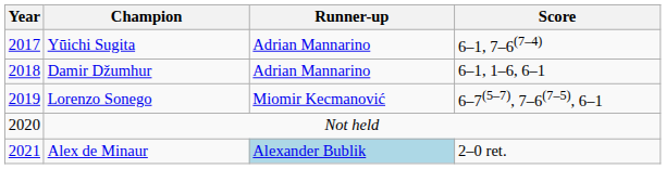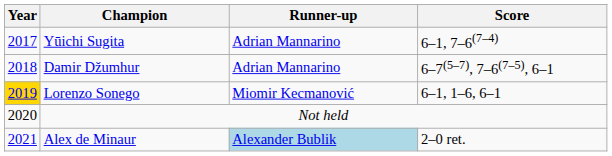 <table class="wikitable">
 <tr>
 <th>Year</th>
 <th width="200">Champion</th>
 <th width="200">Runner-up</th>
 <th width="200">Score</th>
 </tr>
 <tr>
 <td><a href='#'>2017</a></td>
 <td> <a href='#'>Yūichi Sugita</a></td>
 <td> <a href='#'>Adrian Mannarino</a></td>
 <td>6–1, 7–6<sup>(7–4)</sup></td>
 </tr>
 <tr>
 <td><a href='#'>2018</a></td>
 <td> <a href='#'>Damir Džumhur</a></td>
 <td> <a href='#'>Adrian Mannarino</a></td>
-<td>6–1, 1–6, 6–1</td>
+<td>6–7<sup>(5–7)</sup>, 7–6<sup>(7–5)</sup>, 6–1</td>
 </tr>
 <tr>
-<td><a href='#'>2019</a></td>
+<td style="background: gold;"><a href='#'>2019</a></td>
 <td> <a href='#'>Lorenzo Sonego</a></td>
 <td> <a href='#'>Miomir Kecmanović</a></td>
-<td>6–7<sup>(5–7)</sup>, 7–6<sup>(7–5)</sup>, 6–1</td>
+<td>6–1, 1–6, 6–1</td>
 </tr>
 <tr>
 <td>2020</td>
 <td colspan="3" style="text-align:center;"><em>Not held</em></td>
 </tr>
 <tr>
 <td><a href='#'>2021</a></td>
 <td> <a href='#'>Alex de Minaur</a></td>
 <td style="background: lightblue;"> <a href='#'>Alexander Bublik</a></td>
 <td>2–0 ret.</td>
 </tr>
 </table>
